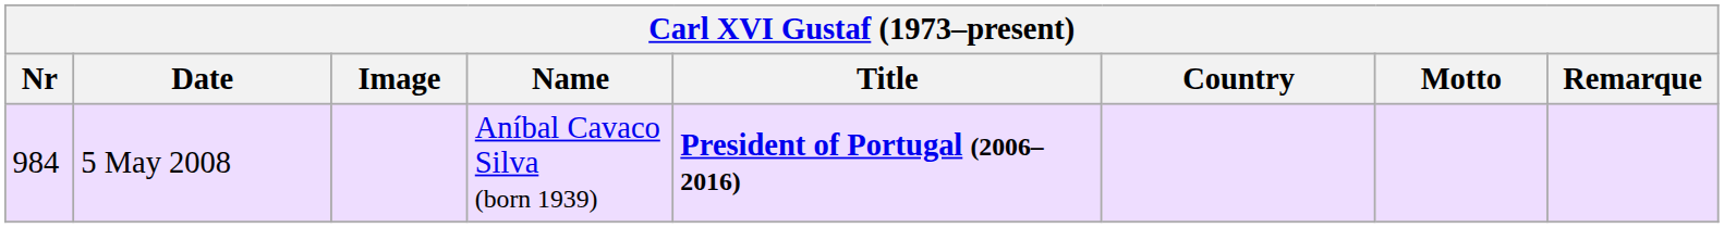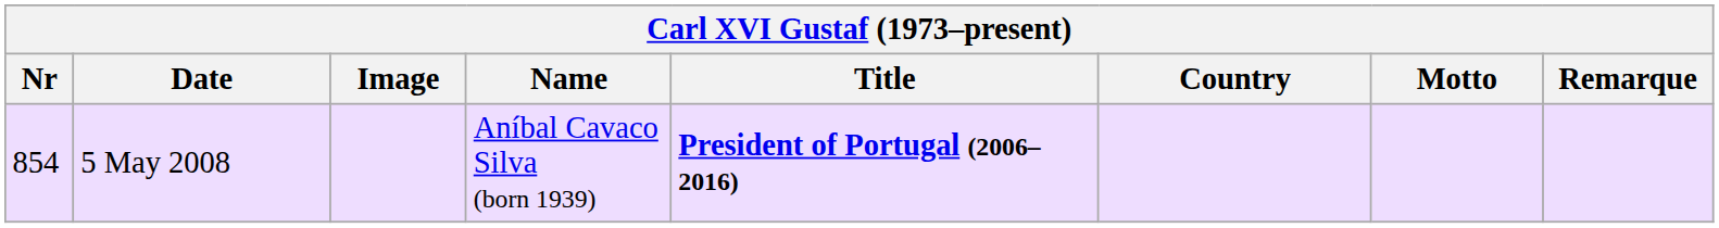 <table class="wikitable" width=100%>
 <tr>
 <th colspan=8><a href='#'>Carl XVI Gustaf</a> (1973–present)</th>
 </tr>
 <tr>
 <th width=4%>Nr</th>
 <th width=15%>Date</th>
 <th width=8%>Image</th>
 <th width=12%>Name</th>
 <th>Title</th>
 <th width=16%>Country</th>
 <th width=10%>Motto</th>
 <th width=10%>Remarque</th>
 </tr>
 <tr bgcolor="#EEDDFF">
-<td>984</td>
+<td>854</td>
 <td>5 May 2008</td>
 <td></td>
 <td><a href='#'>Aníbal Cavaco Silva</a><br><small>(born 1939)</small></td>
 <td><strong><a href='#'>President of Portugal</a> <small>(2006–2016)</small></strong></td>
 <td></td>
 <td></td>
 <td></td>
 </tr>
 </table>
